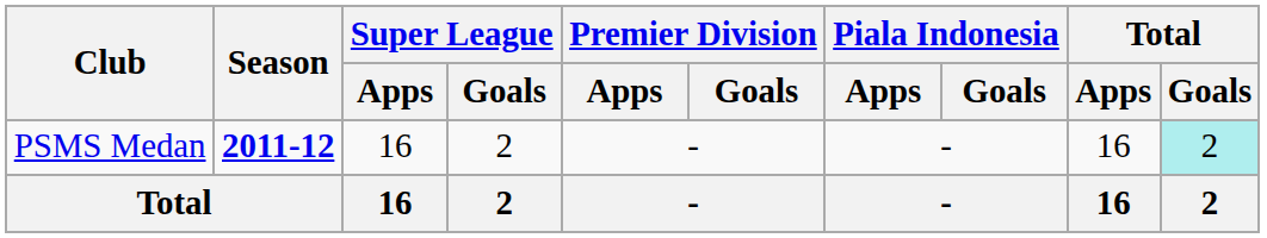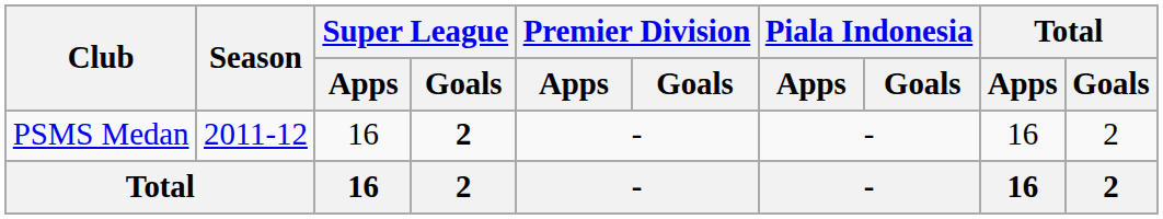 <table class="wikitable" style="font-size:90%; text-align:center;">
 <tr>
 <th rowspan="2">Club</th>
 <th rowspan="2">Season</th>
 <th colspan="2"><a href='#'>Super League</a></th>
 <th colspan="2"><a href='#'>Premier Division</a></th>
 <th colspan="2"><a href='#'>Piala Indonesia</a></th>
 <th colspan="2">Total</th>
 </tr>
 <tr>
 <th>Apps</th>
 <th>Goals</th>
 <th>Apps</th>
 <th>Goals</th>
 <th>Apps</th>
 <th>Goals</th>
 <th>Apps</th>
 <th>Goals</th>
 </tr>
 <tr>
 <td rowspan="1"><a href='#'>PSMS Medan</a></td>
-<td><strong><a href='#'>2011-12</a></strong></td>
+<td><a href='#'>2011-12</a></td>
 <td>16</td>
-<td>2</td>
+<td><strong>2</strong></td>
 <td colspan="2">-</td>
 <td colspan="2">-</td>
 <td>16</td>
-<td style="background: paleturquoise;">2</td>
+<td>2</td>
 </tr>
 <tr>
 <th colspan="2">Total</th>
 <th>16</th>
 <th>2</th>
 <th colspan="2">-</th>
 <th colspan="2">-</th>
 <th>16</th>
 <th>2</th>
 </tr>
 </table>
